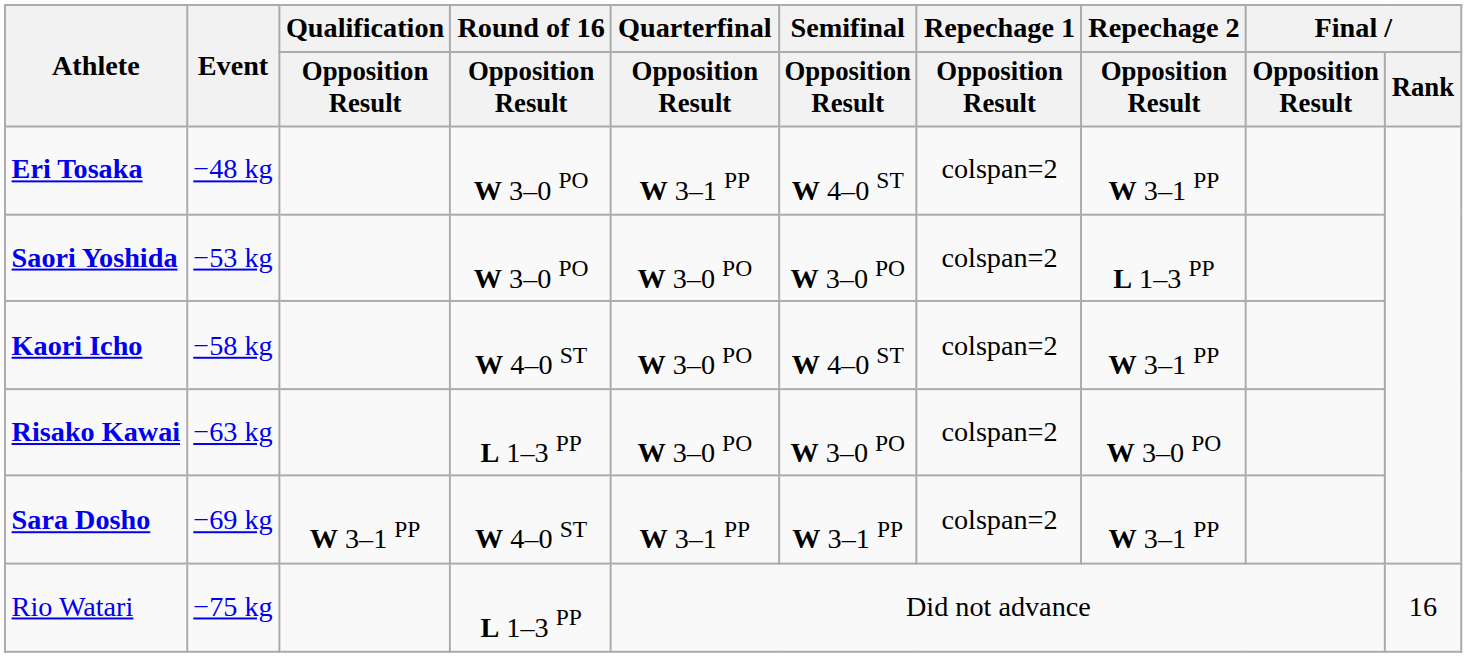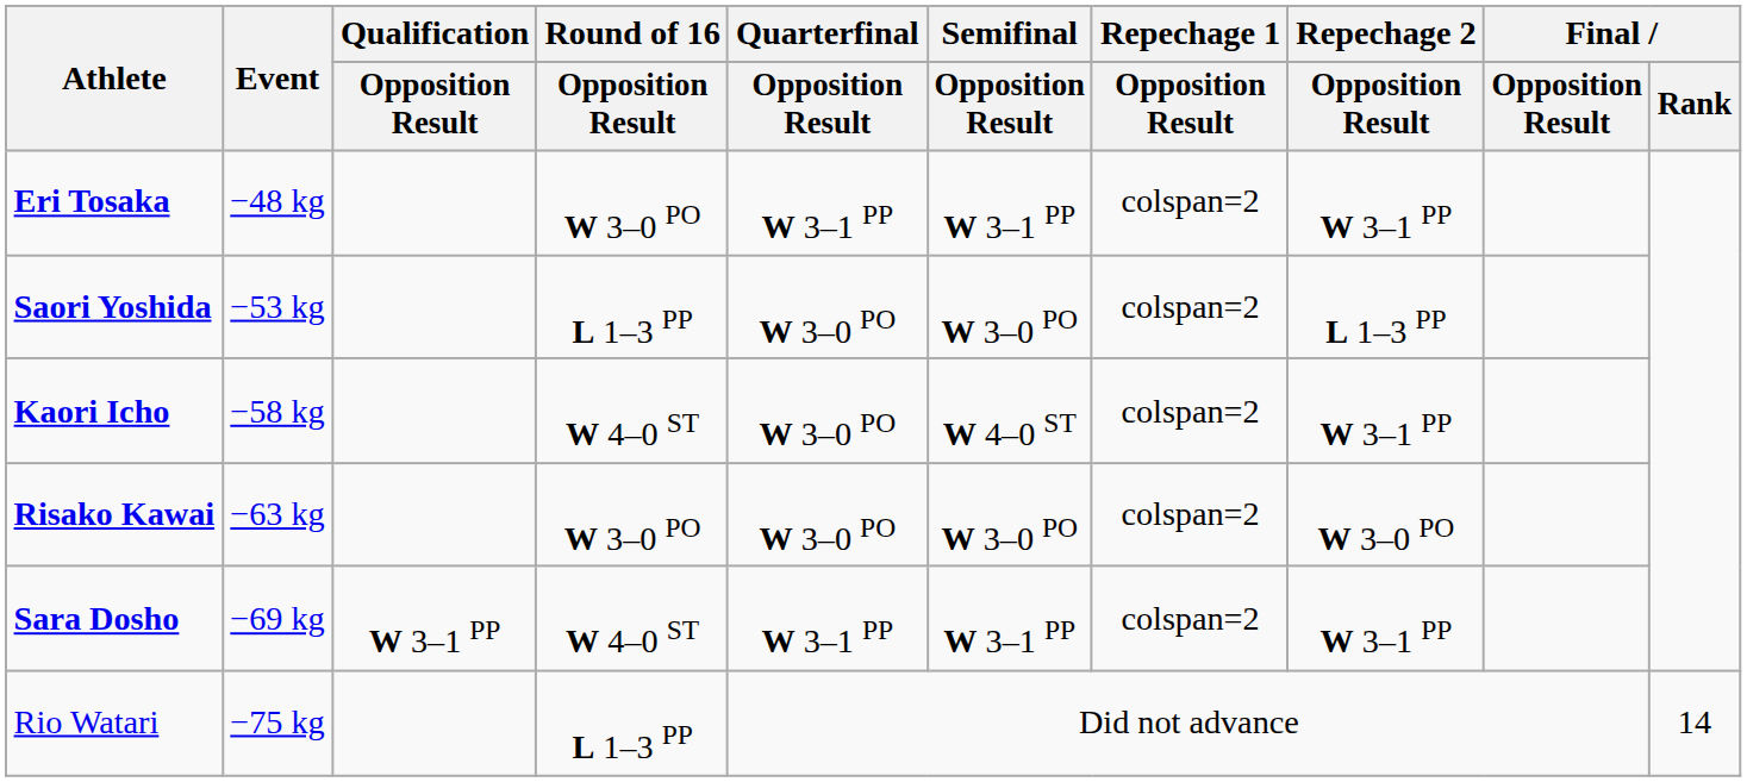 <table class="wikitable" style="font-size:90%">
 <tr>
 <th rowspan=2>Athlete</th>
 <th rowspan=2>Event</th>
 <th>Qualification</th>
 <th>Round of 16</th>
 <th>Quarterfinal</th>
 <th>Semifinal</th>
 <th>Repechage 1</th>
 <th>Repechage 2</th>
 <th colspan=2>Final / </th>
 </tr>
 <tr style="font-size: 95%">
 <th>Opposition<br>Result</th>
 <th>Opposition<br>Result</th>
 <th>Opposition<br>Result</th>
 <th>Opposition<br>Result</th>
 <th>Opposition<br>Result</th>
 <th>Opposition<br>Result</th>
 <th>Opposition<br>Result</th>
 <th>Rank</th>
 </tr>
 <tr align=center>
 <td align=left><strong><a href='#'>Eri Tosaka</a></strong></td>
 <td align=left><a href='#'>−48 kg</a></td>
 <td></td>
 <td><br><strong>W</strong> 3–0 <sup>PO</sup></td>
 <td><br><strong>W</strong> 3–1 <sup>PP</sup></td>
-<td><br><strong>W</strong> 4–0 <sup>ST</sup></td>
+<td><br><strong>W</strong> 3–1 <sup>PP</sup></td>
 <td>colspan=2 </td>
 <td><br><strong>W</strong> 3–1 <sup>PP</sup></td>
 <td></td>
 </tr>
 <tr align=center>
 <td align=left><strong><a href='#'>Saori Yoshida</a></strong></td>
 <td align=left><a href='#'>−53 kg</a></td>
 <td></td>
-<td><br><strong>W</strong> 3–0 <sup>PO</sup></td>
+<td><br><strong>L</strong> 1–3 <sup>PP</sup></td>
 <td><br><strong>W</strong> 3–0 <sup>PO</sup></td>
 <td><br><strong>W</strong> 3–0 <sup>PO</sup></td>
 <td>colspan=2 </td>
 <td><br><strong>L</strong> 1–3 <sup>PP</sup></td>
 <td></td>
 </tr>
 <tr align=center>
 <td align=left><strong><a href='#'>Kaori Icho</a></strong></td>
 <td align=left><a href='#'>−58 kg</a></td>
 <td></td>
 <td><br><strong>W</strong> 4–0 <sup>ST</sup></td>
 <td><br><strong>W</strong> 3–0 <sup>PO</sup></td>
 <td><br><strong>W</strong> 4–0 <sup>ST</sup></td>
 <td>colspan=2 </td>
 <td><br><strong>W</strong> 3–1 <sup>PP</sup></td>
 <td></td>
 </tr>
 <tr align=center>
 <td align=left><strong><a href='#'>Risako Kawai</a></strong></td>
 <td align=left><a href='#'>−63 kg</a></td>
 <td></td>
-<td><br><strong>L</strong> 1–3 <sup>PP</sup></td>
+<td><br><strong>W</strong> 3–0 <sup>PO</sup></td>
 <td><br><strong>W</strong> 3–0 <sup>PO</sup></td>
 <td><br><strong>W</strong> 3–0 <sup>PO</sup></td>
 <td>colspan=2 </td>
 <td><br><strong>W</strong> 3–0 <sup>PO</sup></td>
 <td></td>
 </tr>
 <tr align=center>
 <td align=left><strong><a href='#'>Sara Dosho</a></strong></td>
 <td align=left><a href='#'>−69 kg</a></td>
 <td><br><strong>W</strong> 3–1 <sup>PP</sup></td>
 <td><br><strong>W</strong> 4–0 <sup>ST</sup></td>
 <td><br><strong>W</strong> 3–1 <sup>PP</sup></td>
 <td><br><strong>W</strong> 3–1 <sup>PP</sup></td>
 <td>colspan=2 </td>
 <td><br><strong>W</strong> 3–1 <sup>PP</sup></td>
 <td></td>
 </tr>
 <tr align=center>
 <td align=left><a href='#'>Rio Watari</a></td>
 <td align=left><a href='#'>−75 kg</a></td>
 <td></td>
 <td><br><strong>L</strong> 1–3 <sup>PP</sup></td>
 <td colspan=5>Did not advance</td>
-<td>16</td>
+<td>14</td>
 </tr>
 </table>
